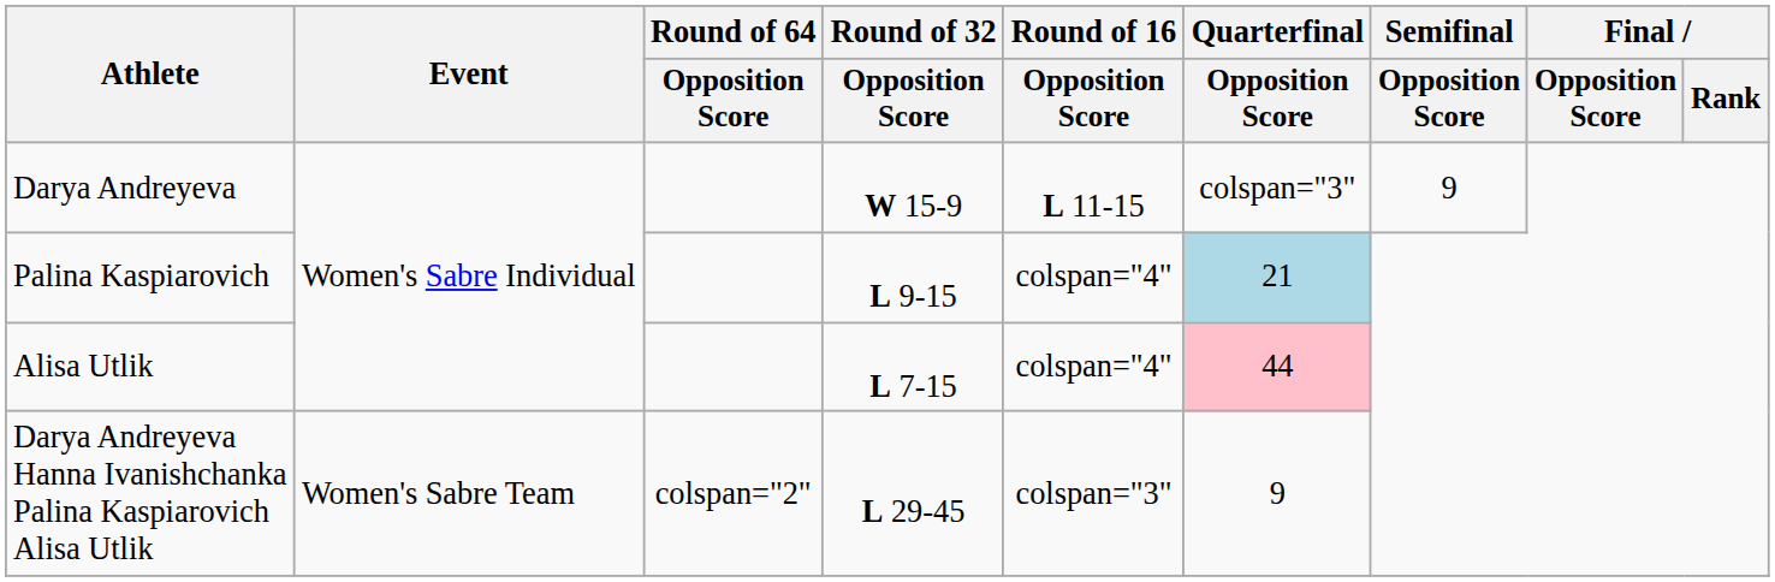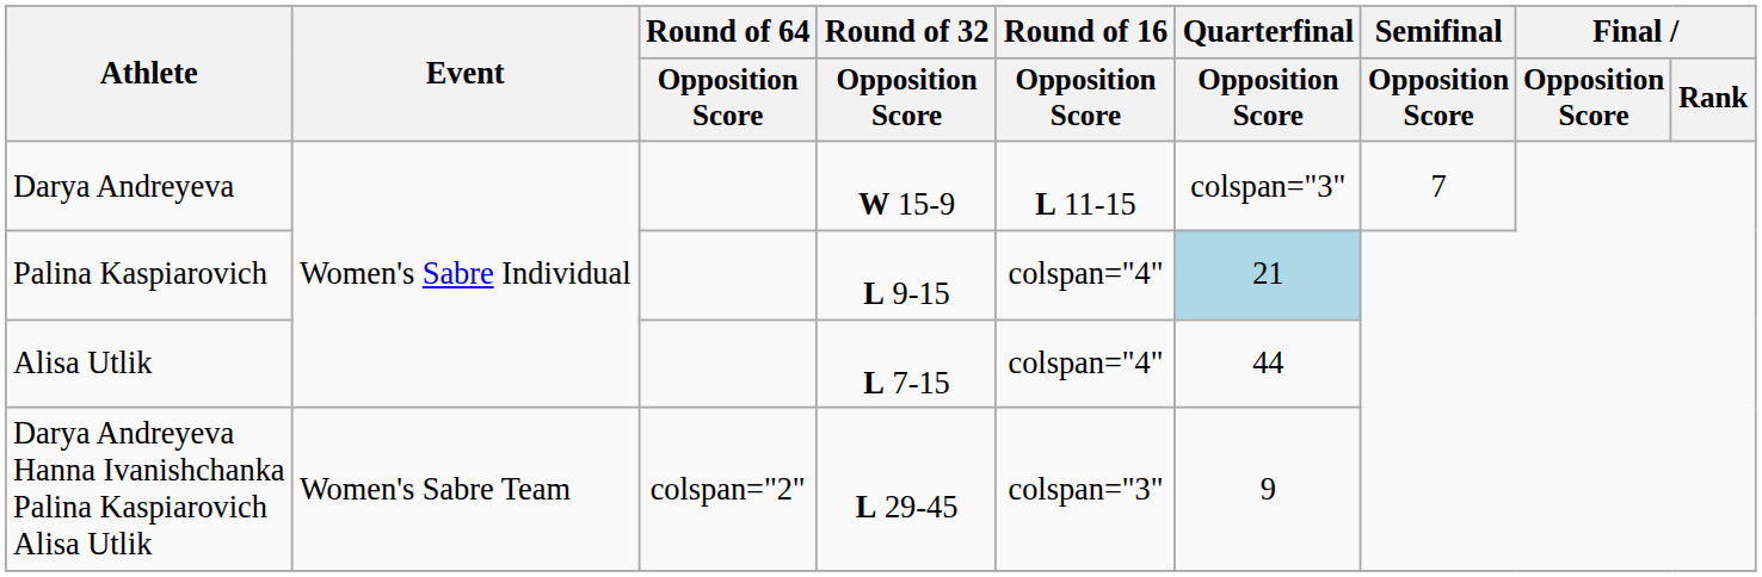 <table class="wikitable" style="font-size:90%">
 <tr>
 <th rowspan="2">Athlete</th>
 <th rowspan="2">Event</th>
 <th>Round of 64</th>
 <th>Round of 32</th>
 <th>Round of 16</th>
 <th>Quarterfinal</th>
 <th>Semifinal</th>
 <th colspan="2">Final / </th>
 </tr>
 <tr style="font-size:95%">
 <th>Opposition<br>Score</th>
 <th>Opposition<br>Score</th>
 <th>Opposition<br>Score</th>
 <th>Opposition<br>Score</th>
 <th>Opposition<br>Score</th>
 <th>Opposition<br>Score</th>
 <th>Rank</th>
 </tr>
 <tr align="center">
 <td align="left">Darya Andreyeva</td>
 <td rowspan="3" align="left">Women's <a href='#'>Sabre</a> Individual</td>
 <td></td>
 <td><br><strong>W</strong> 15-9</td>
 <td><br><strong>L</strong> 11-15</td>
 <td>colspan="3"</td>
-<td>9</td>
+<td>7</td>
 </tr>
 <tr align="center">
 <td align="left">Palina Kaspiarovich</td>
 <td></td>
 <td><br><strong>L</strong> 9-15</td>
 <td>colspan="4" </td>
 <td style="background: lightblue;">21</td>
 </tr>
 <tr align="center">
 <td align="left">Alisa Utlik</td>
 <td></td>
 <td><br><strong>L</strong> 7-15</td>
 <td>colspan="4" </td>
-<td style="background: pink;">44</td>
+<td>44</td>
 </tr>
 <tr align="center">
 <td align="left">Darya Andreyeva<br>Hanna Ivanishchanka<br>Palina Kaspiarovich<br>Alisa Utlik</td>
 <td align="left">Women's Sabre Team</td>
 <td>colspan="2" </td>
 <td><br><strong>L</strong> 29-45</td>
 <td>colspan="3" </td>
 <td>9</td>
 </tr>
 </table>
